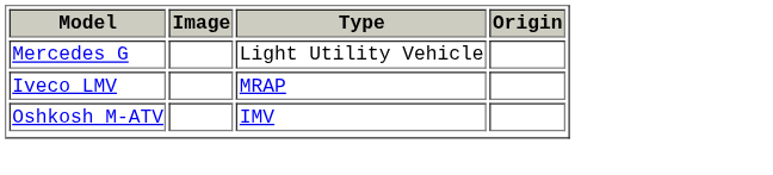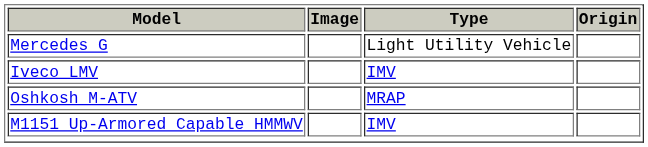 <table border=1 style="border-collapse:">
 <tr bgcolor=ccccc>
 <th>Model</th>
 <th>Image</th>
 <th>Type</th>
 <th>Origin</th>
 </tr>
 <tr>
 <td><a href='#'>Mercedes G</a></td>
 <td></td>
 <td>Light Utility Vehicle</td>
 <td></td>
 </tr>
 <tr>
 <td><a href='#'>Iveco LMV</a></td>
 <td></td>
+<td><a href='#'>IMV</a></td>
+<td></td>
+</tr>
+<tr>
+<td><a href='#'>Oshkosh M-ATV</a></td>
+<td></td>
 <td><a href='#'>MRAP</a></td>
 <td></td>
 </tr>
 <tr>
-<td><a href='#'>Oshkosh M-ATV</a></td>
+<td><a href='#'>M1151 Up-Armored Capable HMMWV</a></td>
 <td></td>
 <td><a href='#'>IMV</a></td>
 <td></td>
 </tr>
 <tr>
 </tr>
 </table>
